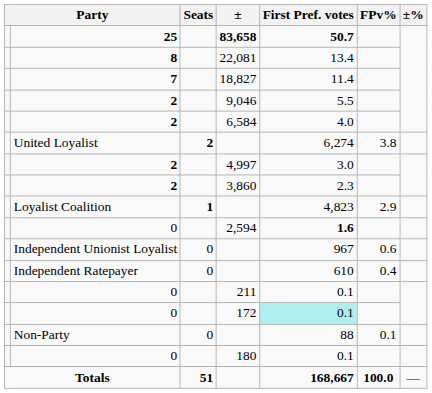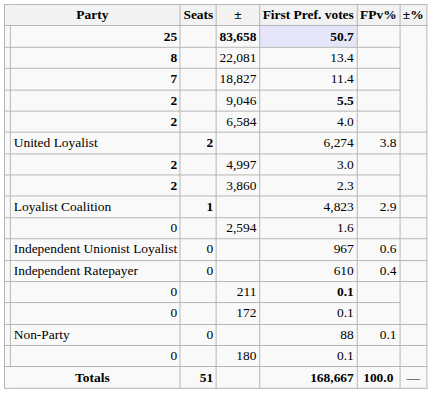 <table class=wikitable>
 <tr>
 <th colspan=2 align=center>Party</th>
 <th valign=top>Seats</th>
 <th valign=top>±</th>
 <th valign=top>First Pref. votes</th>
 <th valign=top>FPv%</th>
 <th valign=top>±%</th>
 </tr>
 <tr>
 <td></td>
 <td align=right><strong>25</strong></td>
 <td align=right></td>
 <td align=right><strong>83,658</strong></td>
-<td align=right><strong>50.7</strong></td>
+<td align=right style="background: lavender;"><strong>50.7</strong></td>
 <td align=right></td>
 </tr>
 <tr>
 <td></td>
 <td align=right><strong>8</strong></td>
 <td align=right></td>
 <td align=right>22,081</td>
 <td align=right>13.4</td>
 <td align=right></td>
 </tr>
 <tr>
 <td></td>
 <td align=right><strong>7</strong></td>
 <td align=right></td>
 <td align=right>18,827</td>
 <td align=right>11.4</td>
 <td align=right></td>
 </tr>
 <tr>
 <td></td>
 <td align=right><strong>2</strong></td>
 <td align=right></td>
 <td align=right>9,046</td>
-<td align=right>5.5</td>
+<td align=right><strong>5.5</strong></td>
 <td align=right></td>
 </tr>
 <tr>
 <td></td>
 <td align=right><strong>2</strong></td>
 <td align=right></td>
 <td align=right>6,584</td>
 <td align=right>4.0</td>
 <td align=right></td>
 </tr>
 <tr>
 <td></td>
 <td>United Loyalist</td>
 <td align=right><strong>2</strong></td>
 <td align=right></td>
 <td align=right>6,274</td>
 <td align=right>3.8</td>
 <td align=right></td>
 </tr>
 <tr>
 <td></td>
 <td align=right><strong>2</strong></td>
 <td align=right></td>
 <td align=right>4,997</td>
 <td align=right>3.0</td>
 <td align=right></td>
 </tr>
 <tr>
 <td></td>
 <td align=right><strong>2</strong></td>
 <td align=right></td>
 <td align=right>3,860</td>
 <td align=right>2.3</td>
 <td align=right></td>
 </tr>
 <tr>
 <td></td>
 <td>Loyalist Coalition</td>
 <td align="right"><strong>1</strong></td>
 <td align="right"></td>
 <td align="right">4,823</td>
 <td align="right">2.9</td>
 <td align="right"></td>
 </tr>
 <tr>
 <td></td>
 <td align=right>0</td>
 <td align=right></td>
 <td align=right>2,594</td>
-<td align=right><strong>1.6</strong></td>
+<td align=right>1.6</td>
 <td align=right></td>
 </tr>
 <tr>
 <td></td>
 <td>Independent Unionist Loyalist</td>
 <td align=right>0</td>
 <td align=right></td>
 <td align=right>967</td>
 <td align=right>0.6</td>
 <td align=right></td>
 </tr>
 <tr>
 <td></td>
 <td>Independent Ratepayer</td>
 <td align=right>0</td>
 <td align=right></td>
 <td align=right>610</td>
 <td align=right>0.4</td>
 <td align=right></td>
 </tr>
 <tr>
 <td></td>
 <td align=right>0</td>
 <td align=right></td>
 <td align=right>211</td>
-<td align=right>0.1</td>
+<td align=right><strong>0.1</strong></td>
 <td align=right></td>
 </tr>
 <tr>
 <td></td>
 <td align=right>0</td>
 <td align=right></td>
 <td align=right>172</td>
-<td align=right style="background: paleturquoise;">0.1</td>
+<td align=right>0.1</td>
 <td align=right></td>
 </tr>
 <tr>
 <td></td>
 <td>Non-Party</td>
 <td align=right>0</td>
 <td align=right></td>
 <td align=right>88</td>
 <td align=right>0.1</td>
 <td align=right></td>
 </tr>
 <tr>
 <td></td>
 <td align=right>0</td>
 <td align=right></td>
 <td align=right>180</td>
 <td align=right>0.1</td>
 <td align=right></td>
 </tr>
 <tr>
 <td colspan=2 align=center><strong>Totals</strong></td>
 <td align=right><strong>51</strong></td>
 <td align=center></td>
 <td align=right><strong>168,667</strong></td>
 <td align=center><strong>100.0</strong></td>
 <td align=center>—</td>
 </tr>
 </table>
